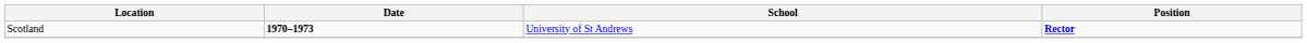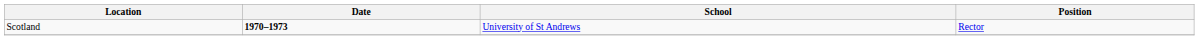 <table class="wikitable" style="width:100%;">
 <tr>
 <th style="width:20%;">Location</th>
 <th style="width:20%;">Date</th>
 <th style="width:40%;">School</th>
 <th style="width:20%;">Position</th>
 </tr>
 <tr>
 <td>Scotland</td>
 <td><strong>1970–1973</strong></td>
 <td><a href='#'>University of St Andrews</a></td>
-<td><strong><a href='#'>Rector</a></strong></td>
+<td><a href='#'>Rector</a></td>
 </tr>
 <tr>
 </tr>
 </table>
